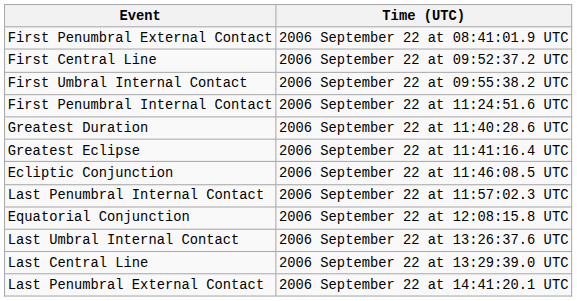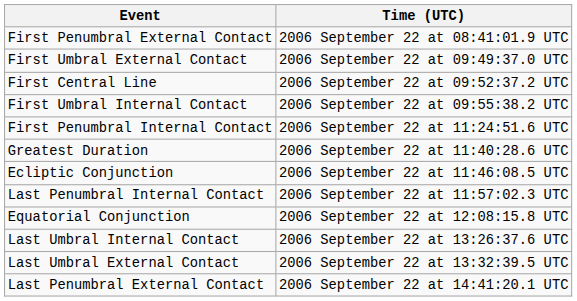 <table class="wikitable">
 <tr>
 <th>Event</th>
 <th>Time (UTC)</th>
 </tr>
 <tr>
 <td>First Penumbral External Contact</td>
 <td>2006 September 22 at 08:41:01.9 UTC</td>
+</tr>
+<tr>
+<td>First Umbral External Contact</td>
+<td>2006 September 22 at 09:49:37.0 UTC</td>
 </tr>
 <tr>
 <td>First Central Line</td>
 <td>2006 September 22 at 09:52:37.2 UTC</td>
 </tr>
 <tr>
 <td>First Umbral Internal Contact</td>
 <td>2006 September 22 at 09:55:38.2 UTC</td>
 </tr>
 <tr>
 <td>First Penumbral Internal Contact</td>
 <td>2006 September 22 at 11:24:51.6 UTC</td>
 </tr>
 <tr>
 <td>Greatest Duration</td>
 <td>2006 September 22 at 11:40:28.6 UTC</td>
 </tr>
 <tr>
-<td>Greatest Eclipse</td>
-<td>2006 September 22 at 11:41:16.4 UTC</td>
-</tr>
-<tr>
 <td>Ecliptic Conjunction</td>
 <td>2006 September 22 at 11:46:08.5 UTC</td>
 </tr>
 <tr>
 <td>Last Penumbral Internal Contact</td>
 <td>2006 September 22 at 11:57:02.3 UTC</td>
 </tr>
 <tr>
 <td>Equatorial Conjunction</td>
 <td>2006 September 22 at 12:08:15.8 UTC</td>
 </tr>
 <tr>
 <td>Last Umbral Internal Contact</td>
 <td>2006 September 22 at 13:26:37.6 UTC</td>
 </tr>
 <tr>
-<td>Last Central Line</td>
-<td>2006 September 22 at 13:29:39.0 UTC</td>
+<td>Last Umbral External Contact</td>
+<td>2006 September 22 at 13:32:39.5 UTC</td>
 </tr>
 <tr>
 <td>Last Penumbral External Contact</td>
 <td>2006 September 22 at 14:41:20.1 UTC</td>
 </tr>
 </table>
